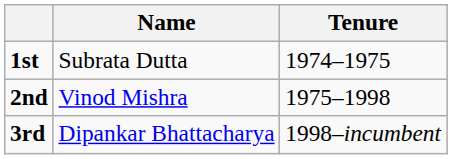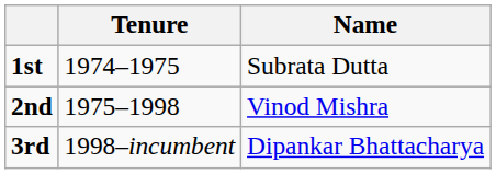 <table class="wikitable">
 <tr>
 <th Style="background-color:"></th>
+<th Style="background-color:">Tenure</th>
 <th Style="background-color:">Name</th>
-<th Style="background-color:">Tenure</th>
 </tr>
 <tr>
 <td><strong>1st</strong></td>
+<td>1974–1975</td>
 <td>Subrata Dutta</td>
-<td>1974–1975</td>
 </tr>
 <tr>
 <td><strong>2nd</strong></td>
+<td>1975–1998</td>
 <td><a href='#'>Vinod Mishra</a></td>
-<td>1975–1998</td>
 </tr>
 <tr>
 <td><strong>3rd</strong></td>
+<td>1998–<em>incumbent</em></td>
 <td><a href='#'>Dipankar Bhattacharya</a></td>
-<td>1998–<em>incumbent</em></td>
 </tr>
 </table>
